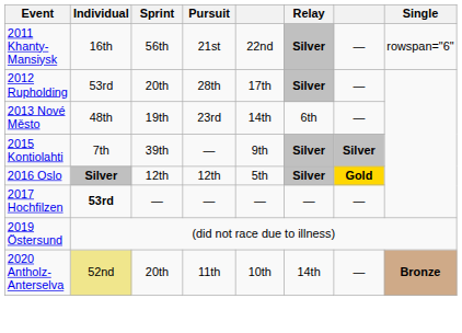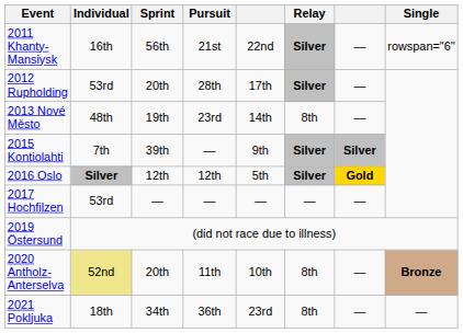 <table class="wikitable" style="text-align: center;">
 <tr>
 <th>Event</th>
 <th style="width:70px;">Individual</th>
 <th style="width:70px;">Sprint</th>
 <th style="width:70px;">Pursuit</th>
 <th style="width:70px;"></th>
 <th style="width:70px;">Relay</th>
 <th style="width:70px;"></th>
 <th style="width:70px;">Single </th>
 </tr>
 <tr>
 <td align=left> <a href='#'>2011 Khanty-Mansiysk</a></td>
 <td>16th</td>
 <td>56th</td>
 <td>21st</td>
 <td>22nd</td>
 <td style="background:silver;"><strong>Silver</strong></td>
 <td>—</td>
 <td>rowspan="6" </td>
 </tr>
 <tr>
 <td align=left> <a href='#'>2012 Rupholding</a></td>
 <td>53rd</td>
 <td>20th</td>
 <td>28th</td>
 <td>17th</td>
 <td style="background:silver;"><strong>Silver</strong></td>
 <td>—</td>
 </tr>
 <tr>
 <td align=left> <a href='#'>2013 Nové Město</a></td>
 <td>48th</td>
 <td>19th</td>
 <td>23rd</td>
 <td>14th</td>
-<td>6th</td>
+<td>8th</td>
 <td>—</td>
 </tr>
 <tr>
 <td align=left> <a href='#'>2015 Kontiolahti</a></td>
 <td>7th</td>
 <td>39th</td>
 <td>—</td>
 <td>9th</td>
 <td style="background:silver;"><strong>Silver</strong></td>
 <td style="background:silver;"><strong>Silver</strong></td>
 </tr>
 <tr>
 <td align=left> <a href='#'>2016 Oslo</a></td>
 <td style="background:silver;"><strong>Silver</strong></td>
 <td>12th</td>
 <td>12th</td>
 <td>5th</td>
 <td style="background:silver;"><strong>Silver</strong></td>
 <td style="background:gold;"><strong>Gold</strong></td>
 </tr>
 <tr>
 <td align=left> <a href='#'>2017 Hochfilzen</a></td>
-<td><strong>53rd</strong></td>
+<td>53rd</td>
 <td>—</td>
 <td>—</td>
 <td>—</td>
 <td>—</td>
 <td>—</td>
 </tr>
 <tr>
 <td align=left> <a href='#'>2019 Östersund</a></td>
 <td colspan="7">(did not race due to illness)</td>
 </tr>
 <tr>
 <td align=left> <a href='#'>2020 Antholz-Anterselva</a></td>
 <td style="background: khaki;">52nd</td>
 <td>20th</td>
 <td>11th</td>
 <td>10th</td>
-<td>14th</td>
+<td>8th</td>
 <td>—</td>
 <td style="background:#cfaa88;"><strong>Bronze</strong></td>
 </tr>
+<tr>
+<td align=left> <a href='#'>2021 Pokljuka</a></td>
+<td>18th</td>
+<td>34th</td>
+<td>36th</td>
+<td>23rd</td>
+<td>8th</td>
+<td>—</td>
+<td>—</td>
+</tr>
 </table>
